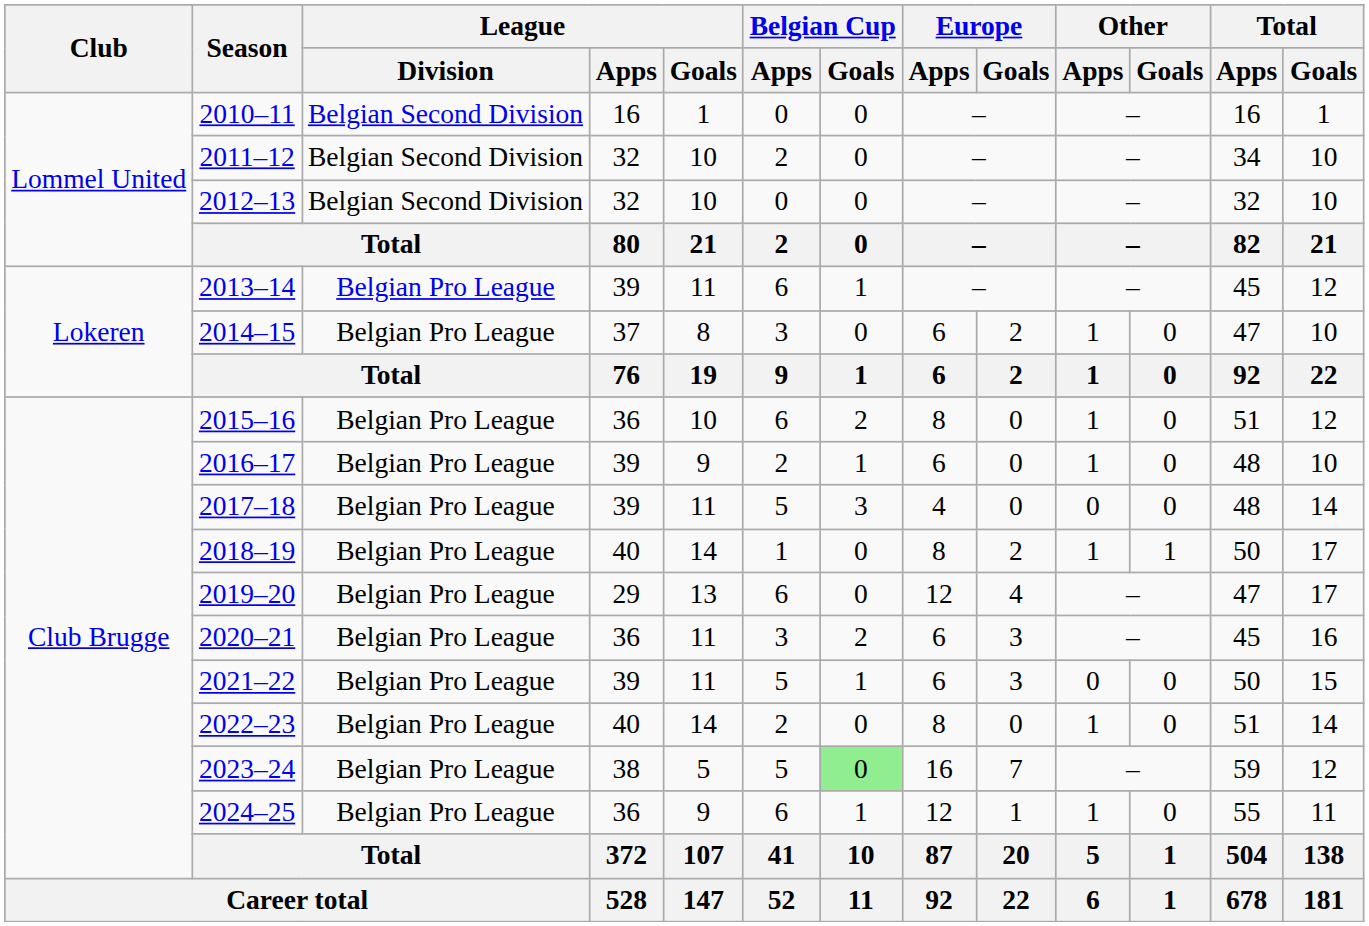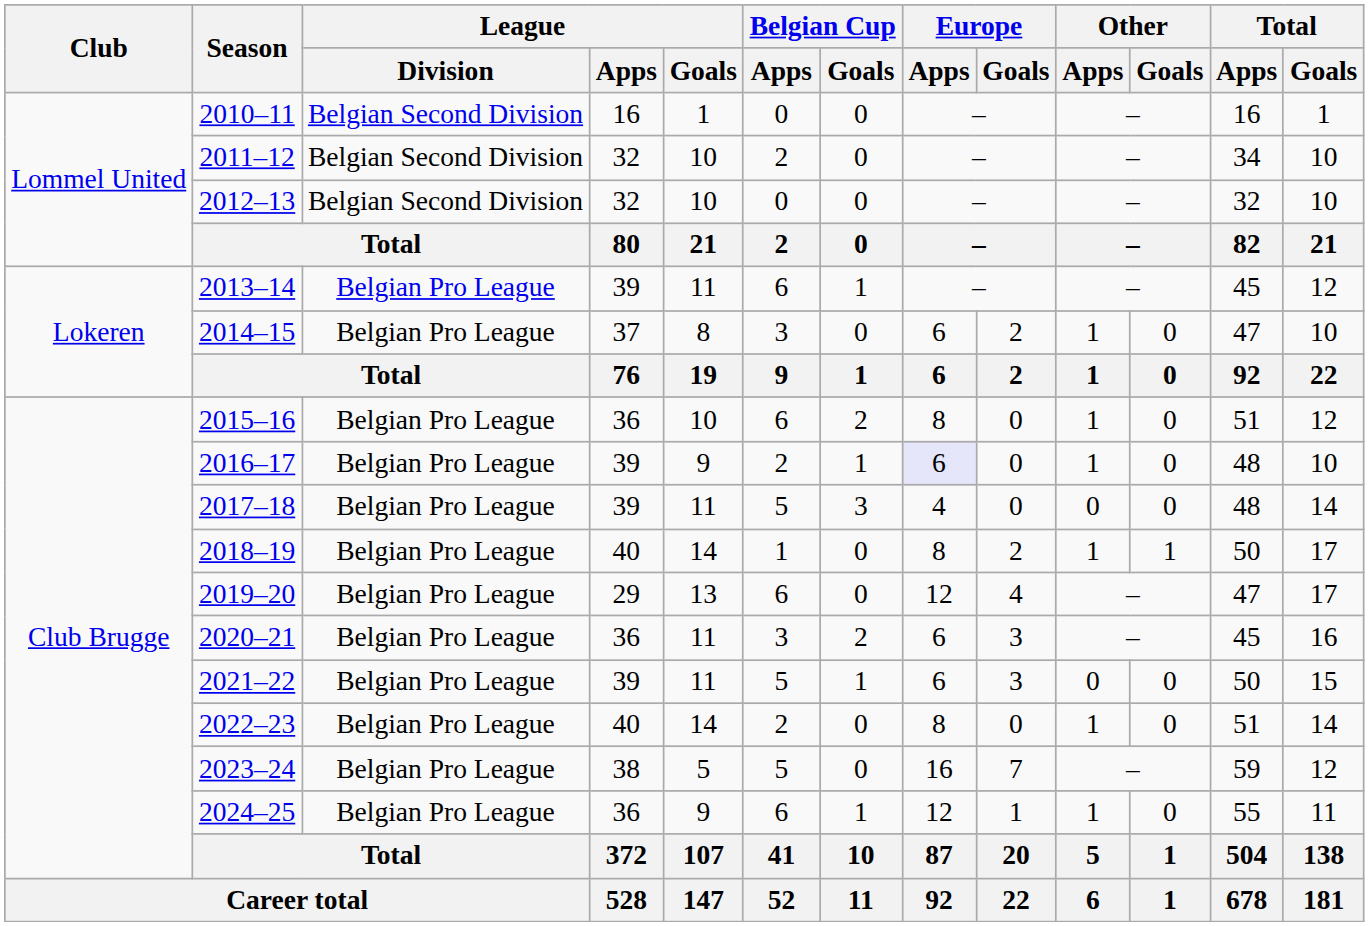 <table class="wikitable" style="text-align:center">
 <tr>
 <th rowspan="2">Club</th>
 <th rowspan="2">Season</th>
 <th colspan="3">League</th>
 <th colspan="2"><a href='#'>Belgian Cup</a></th>
 <th colspan="2"><a href='#'>Europe</a></th>
 <th colspan="2">Other</th>
 <th colspan="2">Total</th>
 </tr>
 <tr>
 <th>Division</th>
 <th>Apps</th>
 <th>Goals</th>
 <th>Apps</th>
 <th>Goals</th>
 <th>Apps</th>
 <th>Goals</th>
 <th>Apps</th>
 <th>Goals</th>
 <th>Apps</th>
 <th>Goals</th>
 </tr>
 <tr>
 <td rowspan="4"><a href='#'>Lommel United</a></td>
 <td><a href='#'>2010–11</a></td>
 <td><a href='#'>Belgian Second Division</a></td>
 <td>16</td>
 <td>1</td>
 <td>0</td>
 <td>0</td>
 <td colspan="2">–</td>
 <td colspan="2">–</td>
 <td>16</td>
 <td>1</td>
 </tr>
 <tr>
 <td><a href='#'>2011–12</a></td>
 <td>Belgian Second Division</td>
 <td>32</td>
 <td>10</td>
 <td>2</td>
 <td>0</td>
 <td colspan="2">–</td>
 <td colspan="2">–</td>
 <td>34</td>
 <td>10</td>
 </tr>
 <tr>
 <td><a href='#'>2012–13</a></td>
 <td>Belgian Second Division</td>
 <td>32</td>
 <td>10</td>
 <td>0</td>
 <td>0</td>
 <td colspan="2">–</td>
 <td colspan="2">–</td>
 <td>32</td>
 <td>10</td>
 </tr>
 <tr>
 <th colspan="2">Total</th>
 <th>80</th>
 <th>21</th>
 <th>2</th>
 <th>0</th>
 <th colspan="2">–</th>
 <th colspan="2">–</th>
 <th>82</th>
 <th>21</th>
 </tr>
 <tr>
 <td rowspan="3"><a href='#'>Lokeren</a></td>
 <td><a href='#'>2013–14</a></td>
 <td><a href='#'>Belgian Pro League</a></td>
 <td>39</td>
 <td>11</td>
 <td>6</td>
 <td>1</td>
 <td colspan="2">–</td>
 <td colspan="2">–</td>
 <td>45</td>
 <td>12</td>
 </tr>
 <tr>
 <td><a href='#'>2014–15</a></td>
 <td>Belgian Pro League</td>
 <td>37</td>
 <td>8</td>
 <td>3</td>
 <td>0</td>
 <td>6</td>
 <td>2</td>
 <td>1</td>
 <td>0</td>
 <td>47</td>
 <td>10</td>
 </tr>
 <tr>
 <th colspan="2">Total</th>
 <th>76</th>
 <th>19</th>
 <th>9</th>
 <th>1</th>
 <th>6</th>
 <th>2</th>
 <th>1</th>
 <th>0</th>
 <th>92</th>
 <th>22</th>
 </tr>
 <tr>
 <td rowspan="11"><a href='#'>Club Brugge</a></td>
 <td><a href='#'>2015–16</a></td>
 <td>Belgian Pro League</td>
 <td>36</td>
 <td>10</td>
 <td>6</td>
 <td>2</td>
 <td>8</td>
 <td>0</td>
 <td>1</td>
 <td>0</td>
 <td>51</td>
 <td>12</td>
 </tr>
 <tr>
 <td><a href='#'>2016–17</a></td>
 <td>Belgian Pro League</td>
 <td>39</td>
 <td>9</td>
 <td>2</td>
 <td>1</td>
-<td>6</td>
+<td style="background: lavender;">6</td>
 <td>0</td>
 <td>1</td>
 <td>0</td>
 <td>48</td>
 <td>10</td>
 </tr>
 <tr>
 <td><a href='#'>2017–18</a></td>
 <td>Belgian Pro League</td>
 <td>39</td>
 <td>11</td>
 <td>5</td>
 <td>3</td>
 <td>4</td>
 <td>0</td>
 <td>0</td>
 <td>0</td>
 <td>48</td>
 <td>14</td>
 </tr>
 <tr>
 <td><a href='#'>2018–19</a></td>
 <td>Belgian Pro League</td>
 <td>40</td>
 <td>14</td>
 <td>1</td>
 <td>0</td>
 <td>8</td>
 <td>2</td>
 <td>1</td>
 <td>1</td>
 <td>50</td>
 <td>17</td>
 </tr>
 <tr>
 <td><a href='#'>2019–20</a></td>
 <td>Belgian Pro League</td>
 <td>29</td>
 <td>13</td>
 <td>6</td>
 <td>0</td>
 <td>12</td>
 <td>4</td>
 <td colspan="2">–</td>
 <td>47</td>
 <td>17</td>
 </tr>
 <tr>
 <td><a href='#'>2020–21</a></td>
 <td>Belgian Pro League</td>
 <td>36</td>
 <td>11</td>
 <td>3</td>
 <td>2</td>
 <td>6</td>
 <td>3</td>
 <td colspan="2">–</td>
 <td>45</td>
 <td>16</td>
 </tr>
 <tr>
 <td><a href='#'>2021–22</a></td>
 <td>Belgian Pro League</td>
 <td>39</td>
 <td>11</td>
 <td>5</td>
 <td>1</td>
 <td>6</td>
 <td>3</td>
 <td>0</td>
 <td>0</td>
 <td>50</td>
 <td>15</td>
 </tr>
 <tr>
 <td><a href='#'>2022–23</a></td>
 <td>Belgian Pro League</td>
 <td>40</td>
 <td>14</td>
 <td>2</td>
 <td>0</td>
 <td>8</td>
 <td>0</td>
 <td>1</td>
 <td>0</td>
 <td>51</td>
 <td>14</td>
 </tr>
 <tr>
 <td><a href='#'>2023–24</a></td>
 <td>Belgian Pro League</td>
 <td>38</td>
 <td>5</td>
 <td>5</td>
-<td style="background: lightgreen;">0</td>
+<td>0</td>
 <td>16</td>
 <td>7</td>
 <td colspan="2">–</td>
 <td>59</td>
 <td>12</td>
 </tr>
 <tr>
 <td><a href='#'>2024–25</a></td>
 <td>Belgian Pro League</td>
 <td>36</td>
 <td>9</td>
 <td>6</td>
 <td>1</td>
 <td>12</td>
 <td>1</td>
 <td>1</td>
 <td>0</td>
 <td>55</td>
 <td>11</td>
 </tr>
 <tr>
 <th colspan="2">Total</th>
 <th>372</th>
 <th>107</th>
 <th>41</th>
 <th>10</th>
 <th>87</th>
 <th>20</th>
 <th>5</th>
 <th>1</th>
 <th>504</th>
 <th>138</th>
 </tr>
 <tr>
 <th colspan="3">Career total</th>
 <th>528</th>
 <th>147</th>
 <th>52</th>
 <th>11</th>
 <th>92</th>
 <th>22</th>
 <th>6</th>
 <th>1</th>
 <th>678</th>
 <th>181</th>
 </tr>
 </table>
